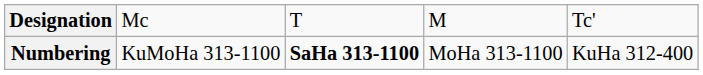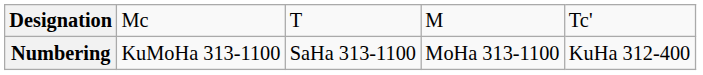 <table class="wikitable">
 <tr>
 <th>Designation</th>
 <td>Mc</td>
 <td>T</td>
 <td>M</td>
 <td>Tc'</td>
 </tr>
 <tr>
 <th>Numbering</th>
 <td>KuMoHa 313-1100</td>
-<td><strong>SaHa 313-1100</strong></td>
+<td>SaHa 313-1100</td>
 <td>MoHa 313-1100</td>
 <td>KuHa 312-400</td>
 </tr>
 </table>
